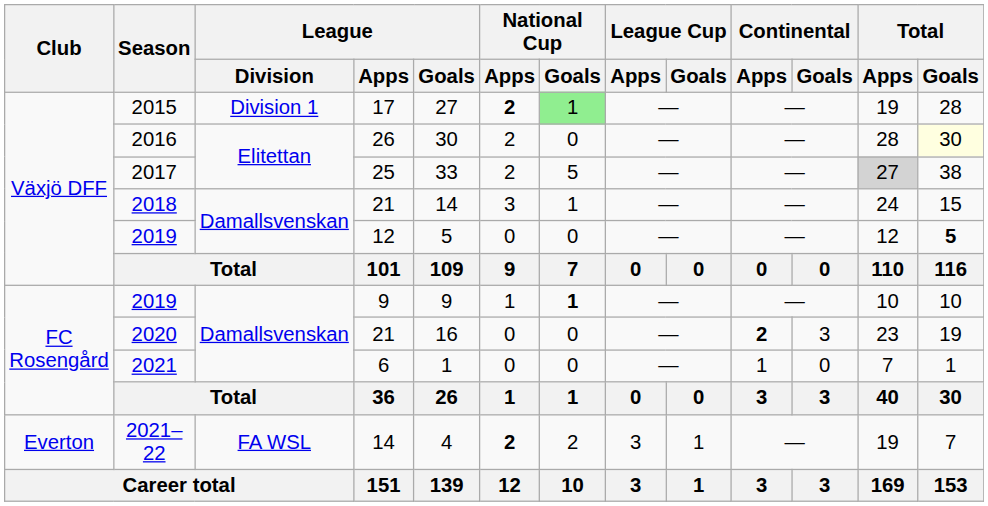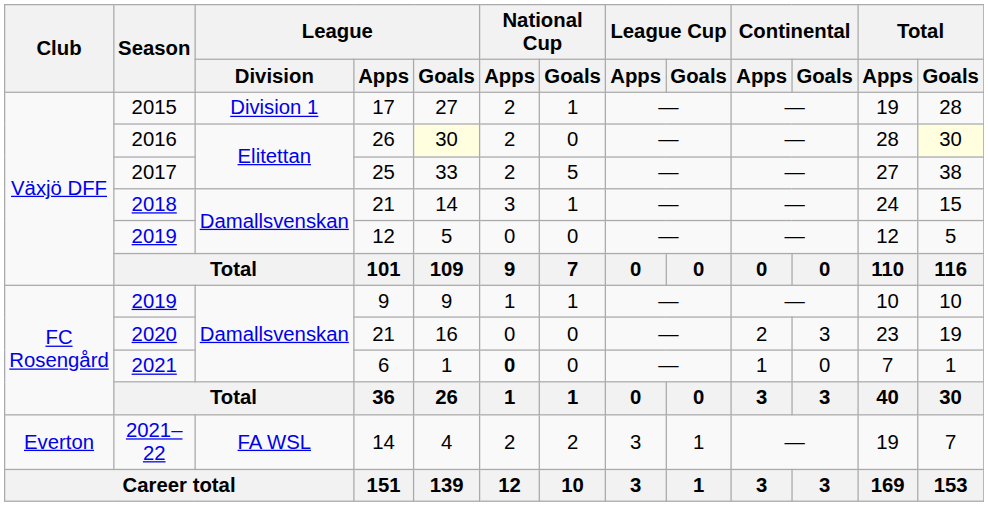 <table class="wikitable" style="text-align: center;">
 <tr>
 <th rowspan="2">Club</th>
 <th rowspan="2">Season</th>
 <th colspan="3">League</th>
 <th colspan="2">National Cup</th>
 <th colspan="2">League Cup</th>
 <th colspan="2">Continental</th>
 <th colspan="2">Total</th>
 </tr>
 <tr>
 <th>Division</th>
 <th>Apps</th>
 <th>Goals</th>
 <th>Apps</th>
 <th>Goals</th>
 <th>Apps</th>
 <th>Goals</th>
 <th>Apps</th>
 <th>Goals</th>
 <th>Apps</th>
 <th>Goals</th>
 </tr>
 <tr>
 <td rowspan="6" valign="center"><a href='#'>Växjö DFF</a></td>
 <td>2015</td>
 <td valign="center"><a href='#'>Division 1</a></td>
 <td>17</td>
 <td>27</td>
-<td><strong>2</strong></td>
-<td style="background: lightgreen;">1</td>
+<td>2</td>
+<td>1</td>
 <td colspan="2">—</td>
 <td colspan="2">—</td>
 <td>19</td>
 <td>28</td>
 </tr>
 <tr>
 <td>2016</td>
 <td rowspan="2"><a href='#'>Elitettan</a></td>
 <td>26</td>
-<td>30</td>
+<td style="background: lightyellow;">30</td>
 <td>2</td>
 <td>0</td>
 <td colspan="2">—</td>
 <td colspan="2">—</td>
 <td>28</td>
 <td style="background: lightyellow;">30</td>
 </tr>
 <tr>
 <td>2017</td>
 <td>25</td>
 <td>33</td>
 <td>2</td>
 <td>5</td>
 <td colspan="2">—</td>
 <td colspan="2">—</td>
-<td style="background: lightgrey;">27</td>
+<td>27</td>
 <td>38</td>
 </tr>
 <tr>
 <td><a href='#'>2018</a></td>
 <td rowspan="2"><a href='#'>Damallsvenskan</a></td>
 <td>21</td>
 <td>14</td>
 <td>3</td>
 <td>1</td>
 <td colspan="2">—</td>
 <td colspan="2">—</td>
 <td>24</td>
 <td>15</td>
 </tr>
 <tr>
 <td><a href='#'>2019</a></td>
 <td>12</td>
 <td>5</td>
 <td>0</td>
 <td>0</td>
 <td colspan="2">—</td>
 <td colspan="2">—</td>
 <td>12</td>
-<td><strong>5</strong></td>
+<td>5</td>
 </tr>
 <tr>
 <th colspan="2">Total</th>
 <th>101</th>
 <th>109</th>
 <th>9</th>
 <th>7</th>
 <th>0</th>
 <th>0</th>
 <th>0</th>
 <th>0</th>
 <th>110</th>
 <th>116</th>
 </tr>
 <tr>
 <td rowspan="4" valign="center"><a href='#'>FC Rosengård</a></td>
 <td><a href='#'>2019</a></td>
 <td rowspan="3" valign="center"><a href='#'>Damallsvenskan</a></td>
 <td>9</td>
 <td>9</td>
 <td>1</td>
-<td><strong>1</strong></td>
+<td>1</td>
 <td colspan="2">—</td>
 <td colspan="2">—</td>
 <td>10</td>
 <td>10</td>
 </tr>
 <tr>
 <td><a href='#'>2020</a></td>
 <td>21</td>
 <td>16</td>
 <td>0</td>
 <td>0</td>
 <td colspan="2">—</td>
-<td><strong>2</strong></td>
+<td>2</td>
 <td>3</td>
 <td>23</td>
 <td>19</td>
 </tr>
 <tr>
 <td><a href='#'>2021</a></td>
 <td>6</td>
 <td>1</td>
-<td>0</td>
+<td><strong>0</strong></td>
 <td>0</td>
 <td colspan="2">—</td>
 <td>1</td>
 <td>0</td>
 <td>7</td>
 <td>1</td>
 </tr>
 <tr>
 <th colspan="2">Total</th>
 <th>36</th>
 <th>26</th>
 <th>1</th>
 <th>1</th>
 <th>0</th>
 <th>0</th>
 <th>3</th>
 <th>3</th>
 <th>40</th>
 <th>30</th>
 </tr>
 <tr>
 <td><a href='#'>Everton</a></td>
 <td><a href='#'>2021–22</a></td>
 <td><a href='#'>FA WSL</a></td>
 <td>14</td>
 <td>4</td>
-<td><strong>2</strong></td>
+<td>2</td>
 <td>2</td>
 <td>3</td>
 <td>1</td>
 <td colspan="2">—</td>
 <td>19</td>
 <td>7</td>
 </tr>
 <tr>
 <th colspan="3">Career total</th>
 <th>151</th>
 <th>139</th>
 <th>12</th>
 <th>10</th>
 <th>3</th>
 <th>1</th>
 <th>3</th>
 <th>3</th>
 <th>169</th>
 <th>153</th>
 </tr>
 </table>
